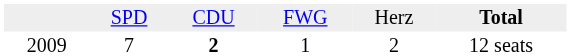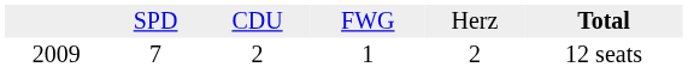 <table border="0" cellpadding="2" cellspacing="0" width="450">
 <tr bgcolor="#eeeeee" align="center">
 <td></td>
 <td><a href='#'>SPD</a></td>
 <td><a href='#'>CDU</a></td>
 <td><a href='#'>FWG</a></td>
 <td>Herz</td>
 <td><strong>Total</strong></td>
 </tr>
 <tr align="center">
 <td>2009</td>
 <td>7</td>
-<td><strong>2</strong></td>
+<td>2</td>
 <td>1</td>
 <td>2</td>
 <td>12 seats</td>
 </tr>
 </table>
